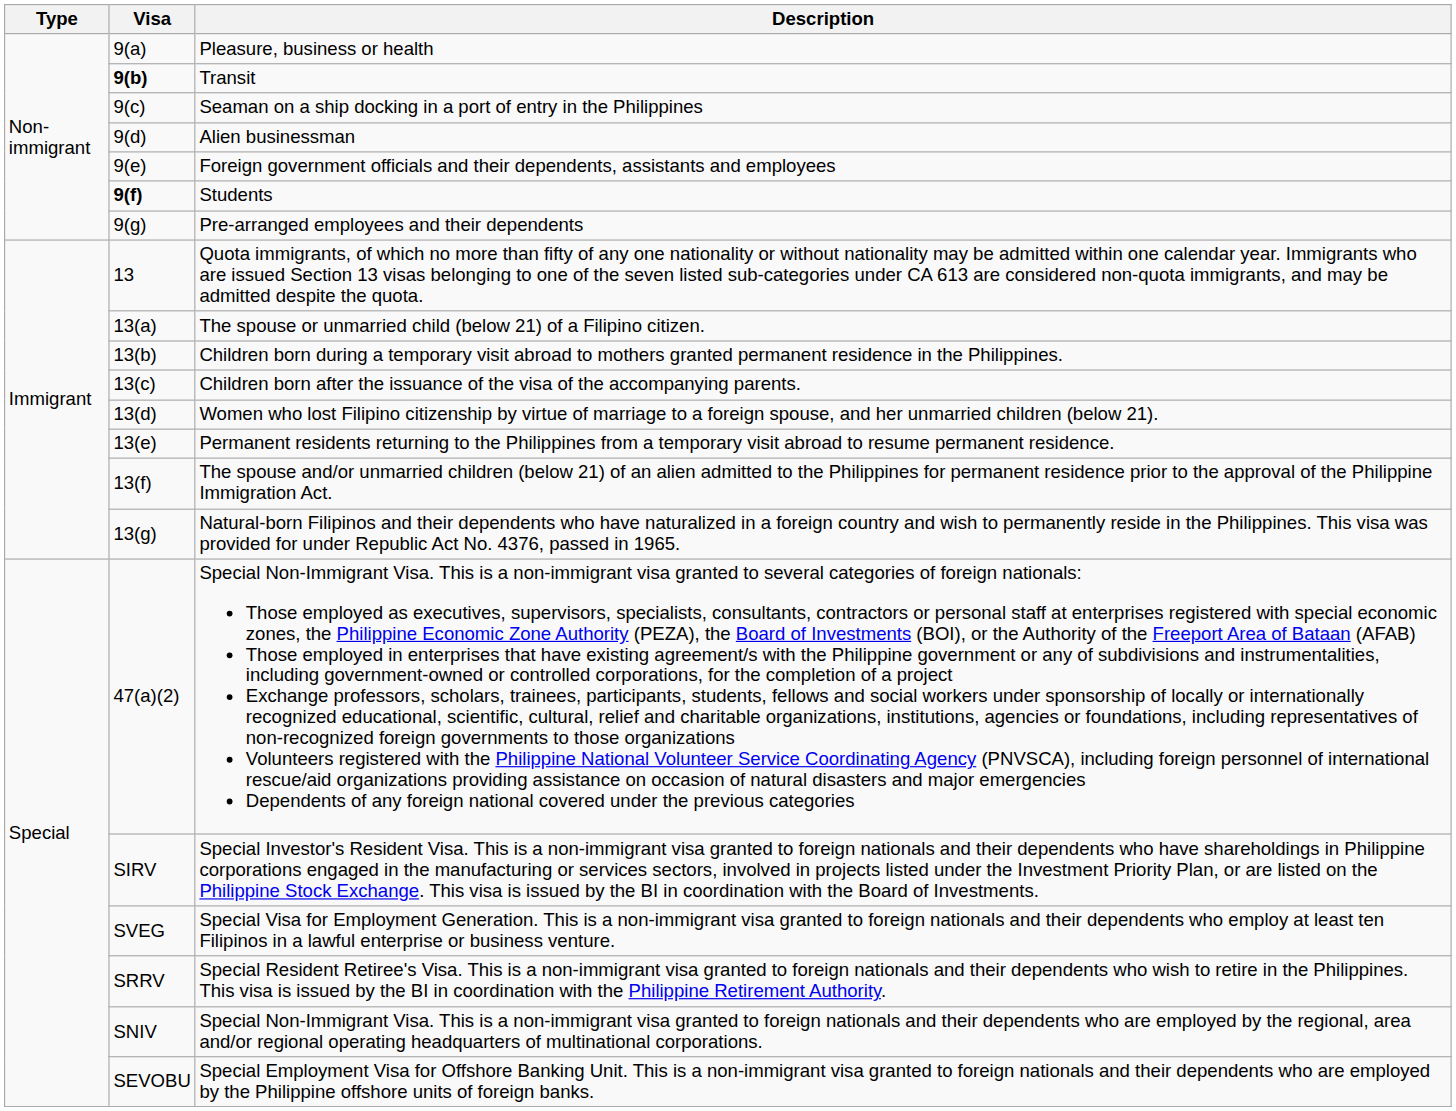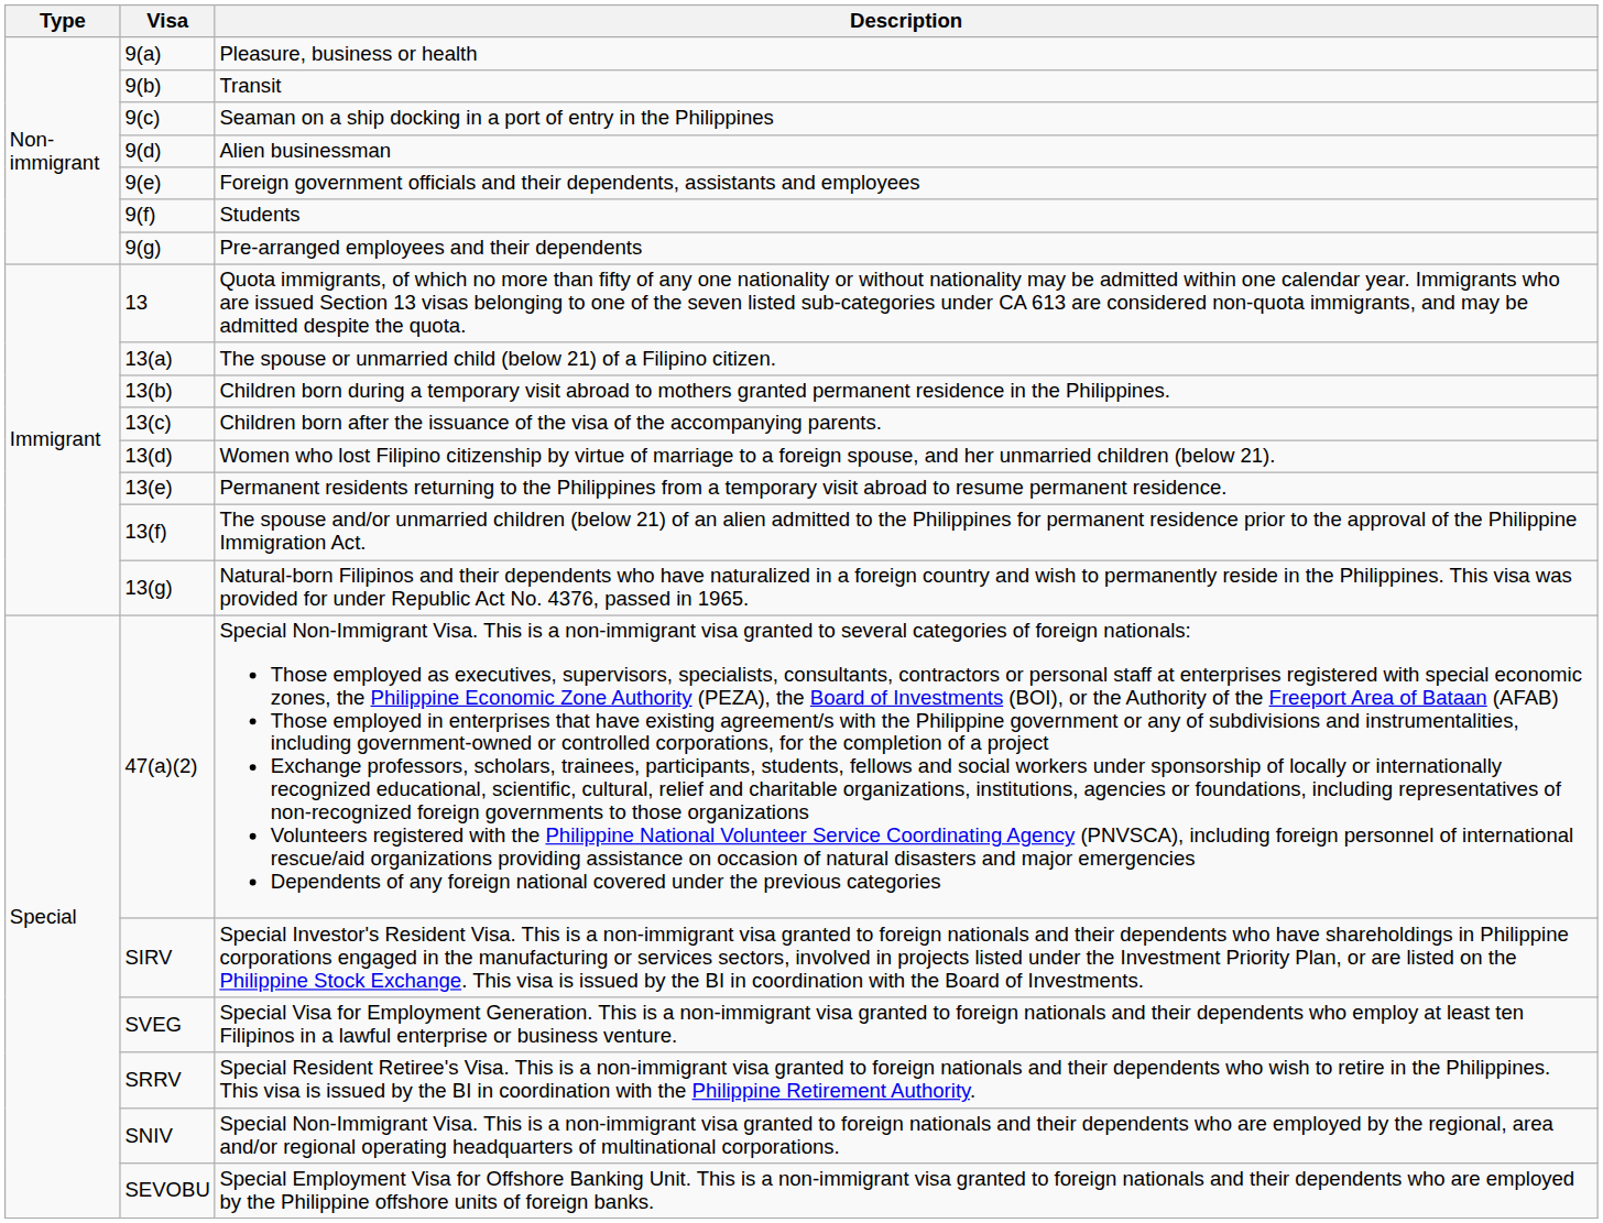 <table class="wikitable">
 <tr>
 <th>Type</th>
 <th>Visa</th>
 <th>Description</th>
 </tr>
 <tr>
 <td rowspan=7>Non-immigrant</td>
 <td>9(a)</td>
 <td>Pleasure, business or health</td>
 </tr>
 <tr>
-<td><strong>9(b)</strong></td>
+<td>9(b)</td>
 <td>Transit</td>
 </tr>
 <tr>
 <td>9(c)</td>
 <td>Seaman on a ship docking in a port of entry in the Philippines</td>
 </tr>
 <tr>
 <td>9(d)</td>
 <td>Alien businessman</td>
 </tr>
 <tr>
 <td>9(e)</td>
 <td>Foreign government officials and their dependents, assistants and employees</td>
 </tr>
 <tr>
-<td><strong>9(f)</strong></td>
+<td>9(f)</td>
 <td>Students</td>
 </tr>
 <tr>
 <td>9(g)</td>
 <td>Pre-arranged employees and their dependents</td>
 </tr>
 <tr>
 <td rowspan=8>Immigrant</td>
 <td>13</td>
 <td>Quota immigrants, of which no more than fifty of any one nationality or without nationality may be admitted within one calendar year. Immigrants who are issued Section 13 visas belonging to one of the seven listed sub-categories under CA 613 are considered non-quota immigrants, and may be admitted despite the quota.</td>
 </tr>
 <tr>
 <td>13(a)</td>
 <td>The spouse or unmarried child (below 21) of a Filipino citizen.</td>
 </tr>
 <tr>
 <td>13(b)</td>
 <td>Children born during a temporary visit abroad to mothers granted permanent residence in the Philippines.</td>
 </tr>
 <tr>
 <td>13(c)</td>
 <td>Children born after the issuance of the visa of the accompanying parents.</td>
 </tr>
 <tr>
 <td>13(d)</td>
 <td>Women who lost Filipino citizenship by virtue of marriage to a foreign spouse, and her unmarried children (below 21).</td>
 </tr>
 <tr>
 <td>13(e)</td>
 <td>Permanent residents returning to the Philippines from a temporary visit abroad to resume permanent residence.</td>
 </tr>
 <tr>
 <td>13(f)</td>
 <td>The spouse and/or unmarried children (below 21) of an alien admitted to the Philippines for permanent residence prior to the approval of the Philippine Immigration Act.</td>
 </tr>
 <tr>
 <td>13(g)</td>
 <td>Natural-born Filipinos and their dependents who have naturalized in a foreign country and wish to permanently reside in the Philippines. This visa was provided for under Republic Act No. 4376, passed in 1965.</td>
 </tr>
 <tr>
 <td rowspan=6>Special</td>
 <td>47(a)(2)</td>
 <td>Special Non-Immigrant Visa. This is a non-immigrant visa granted to several categories of foreign nationals:<br><ul><li>Those employed as executives, supervisors, specialists, consultants, contractors or personal staff at enterprises registered with special economic zones, the <a href='#'>Philippine Economic Zone Authority</a> (PEZA), the <a href='#'>Board of Investments</a> (BOI), or the Authority of the <a href='#'>Freeport Area of Bataan</a> (AFAB)</li><li>Those employed in enterprises that have existing agreement/s with the Philippine government or any of subdivisions and instrumentalities, including government-owned or controlled corporations, for the completion of a project</li><li>Exchange professors, scholars, trainees, participants, students, fellows and social workers under sponsorship of locally or internationally recognized educational, scientific, cultural, relief and charitable organizations, institutions, agencies or foundations, including representatives of non-recognized foreign governments to those organizations</li><li>Volunteers registered with the <a href='#'>Philippine National Volunteer Service Coordinating Agency</a> (PNVSCA), including foreign personnel of international rescue/aid organizations providing assistance on occasion of natural disasters and major emergencies</li><li>Dependents of any foreign national covered under the previous categories</li></ul></td>
 </tr>
 <tr>
 <td>SIRV</td>
 <td>Special Investor's Resident Visa. This is a non-immigrant visa granted to foreign nationals and their dependents who have shareholdings in Philippine corporations engaged in the manufacturing or services sectors, involved in projects listed under the Investment Priority Plan, or are listed on the <a href='#'>Philippine Stock Exchange</a>. This visa is issued by the BI in coordination with the Board of Investments.</td>
 </tr>
 <tr>
 <td>SVEG</td>
 <td>Special Visa for Employment Generation. This is a non-immigrant visa granted to foreign nationals and their dependents who employ at least ten Filipinos in a lawful enterprise or business venture.</td>
 </tr>
 <tr>
 <td>SRRV</td>
 <td>Special Resident Retiree's Visa. This is a non-immigrant visa granted to foreign nationals and their dependents who wish to retire in the Philippines. This visa is issued by the BI in coordination with the <a href='#'>Philippine Retirement Authority</a>.</td>
 </tr>
 <tr>
 <td>SNIV</td>
 <td>Special Non-Immigrant Visa. This is a non-immigrant visa granted to foreign nationals and their dependents who are employed by the regional, area and/or regional operating headquarters of multinational corporations.</td>
 </tr>
 <tr>
 <td>SEVOBU</td>
 <td>Special Employment Visa for Offshore Banking Unit. This is a non-immigrant visa granted to foreign nationals and their dependents who are employed by the Philippine offshore units of foreign banks.</td>
 </tr>
 </table>
